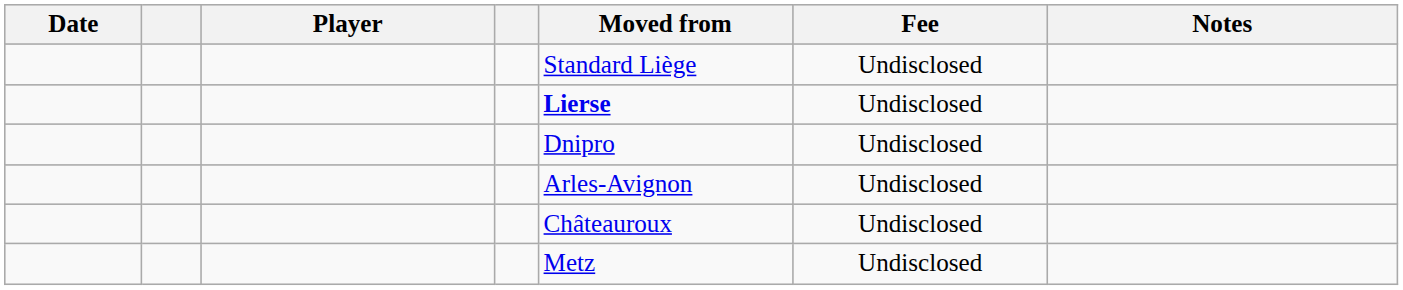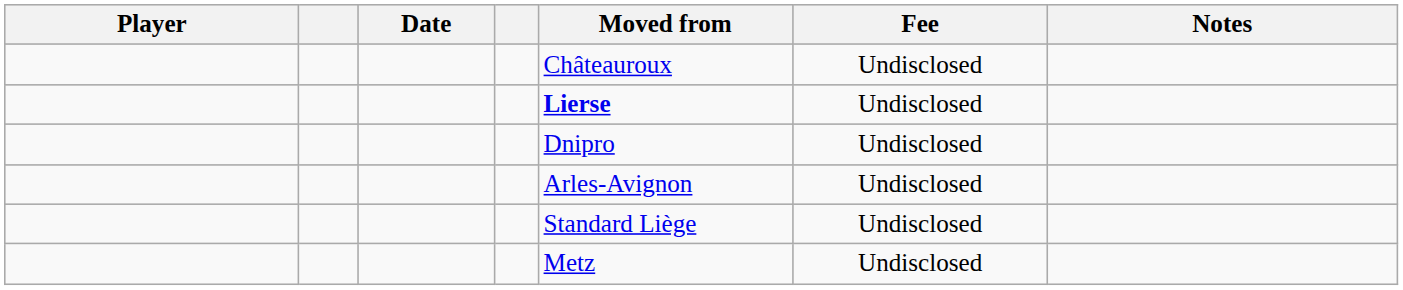 <table class="wikitable sortable">
 <tr>
+<th style="width:180px;">Player</th>
+<th style="width:30px;"></th>
 <th style="width:80px;">Date</th>
-<th style="width:30px;"></th>
-<th style="width:180px;">Player</th>
 <th style="width:20px;"></th>
 <th style="width:155px;">Moved from</th>
 <th style="width:155px;" class="unsortable">Fee</th>
 <th style="width:215px;" class="unsortable">Notes</th>
 </tr>
 <tr>
+<td> </td>
+<td align=center></td>
 <td></td>
+<td></td>
+<td> <a href='#'>Châteauroux</a></td>
+<td align=center>Undisclosed</td>
 <td align=center></td>
+</tr>
+<tr>
 <td> </td>
+<td align=center></td>
+<td></td>
+<td></td>
+<td><strong> <a href='#'>Lierse</a></strong></td>
+<td align=center>Undisclosed</td>
+<td align=center></td>
+</tr>
+<tr>
+<td> </td>
+<td align=center></td>
+<td></td>
+<td></td>
+<td> <a href='#'>Dnipro</a></td>
+<td align=center>Undisclosed</td>
+<td align=center></td>
+</tr>
+<tr>
+<td> </td>
+<td align=center></td>
+<td></td>
+<td></td>
+<td> <a href='#'>Arles-Avignon</a></td>
+<td align=center>Undisclosed</td>
+<td align=center></td>
+</tr>
+<tr>
+<td> </td>
+<td align=center></td>
+<td></td>
 <td></td>
 <td> <a href='#'>Standard Liège</a></td>
 <td align=center>Undisclosed</td>
 <td align=center></td>
 </tr>
 <tr>
+<td> </td>
+<td align=center></td>
 <td></td>
-<td align=center></td>
-<td> </td>
-<td></td>
-<td><strong> <a href='#'>Lierse</a></strong></td>
-<td align=center>Undisclosed</td>
-<td align=center></td>
-</tr>
-<tr>
-<td></td>
-<td align=center></td>
-<td> </td>
-<td></td>
-<td> <a href='#'>Dnipro</a></td>
-<td align=center>Undisclosed</td>
-<td align=center></td>
-</tr>
-<tr>
-<td></td>
-<td align=center></td>
-<td> </td>
-<td></td>
-<td> <a href='#'>Arles-Avignon</a></td>
-<td align=center>Undisclosed</td>
-<td align=center></td>
-</tr>
-<tr>
-<td></td>
-<td align=center></td>
-<td> </td>
-<td></td>
-<td> <a href='#'>Châteauroux</a></td>
-<td align=center>Undisclosed</td>
-<td align=center></td>
-</tr>
-<tr>
-<td></td>
-<td align=center></td>
-<td> </td>
 <td></td>
 <td> <a href='#'>Metz</a></td>
 <td align=center>Undisclosed</td>
 <td align=center></td>
 </tr>
 </table>
